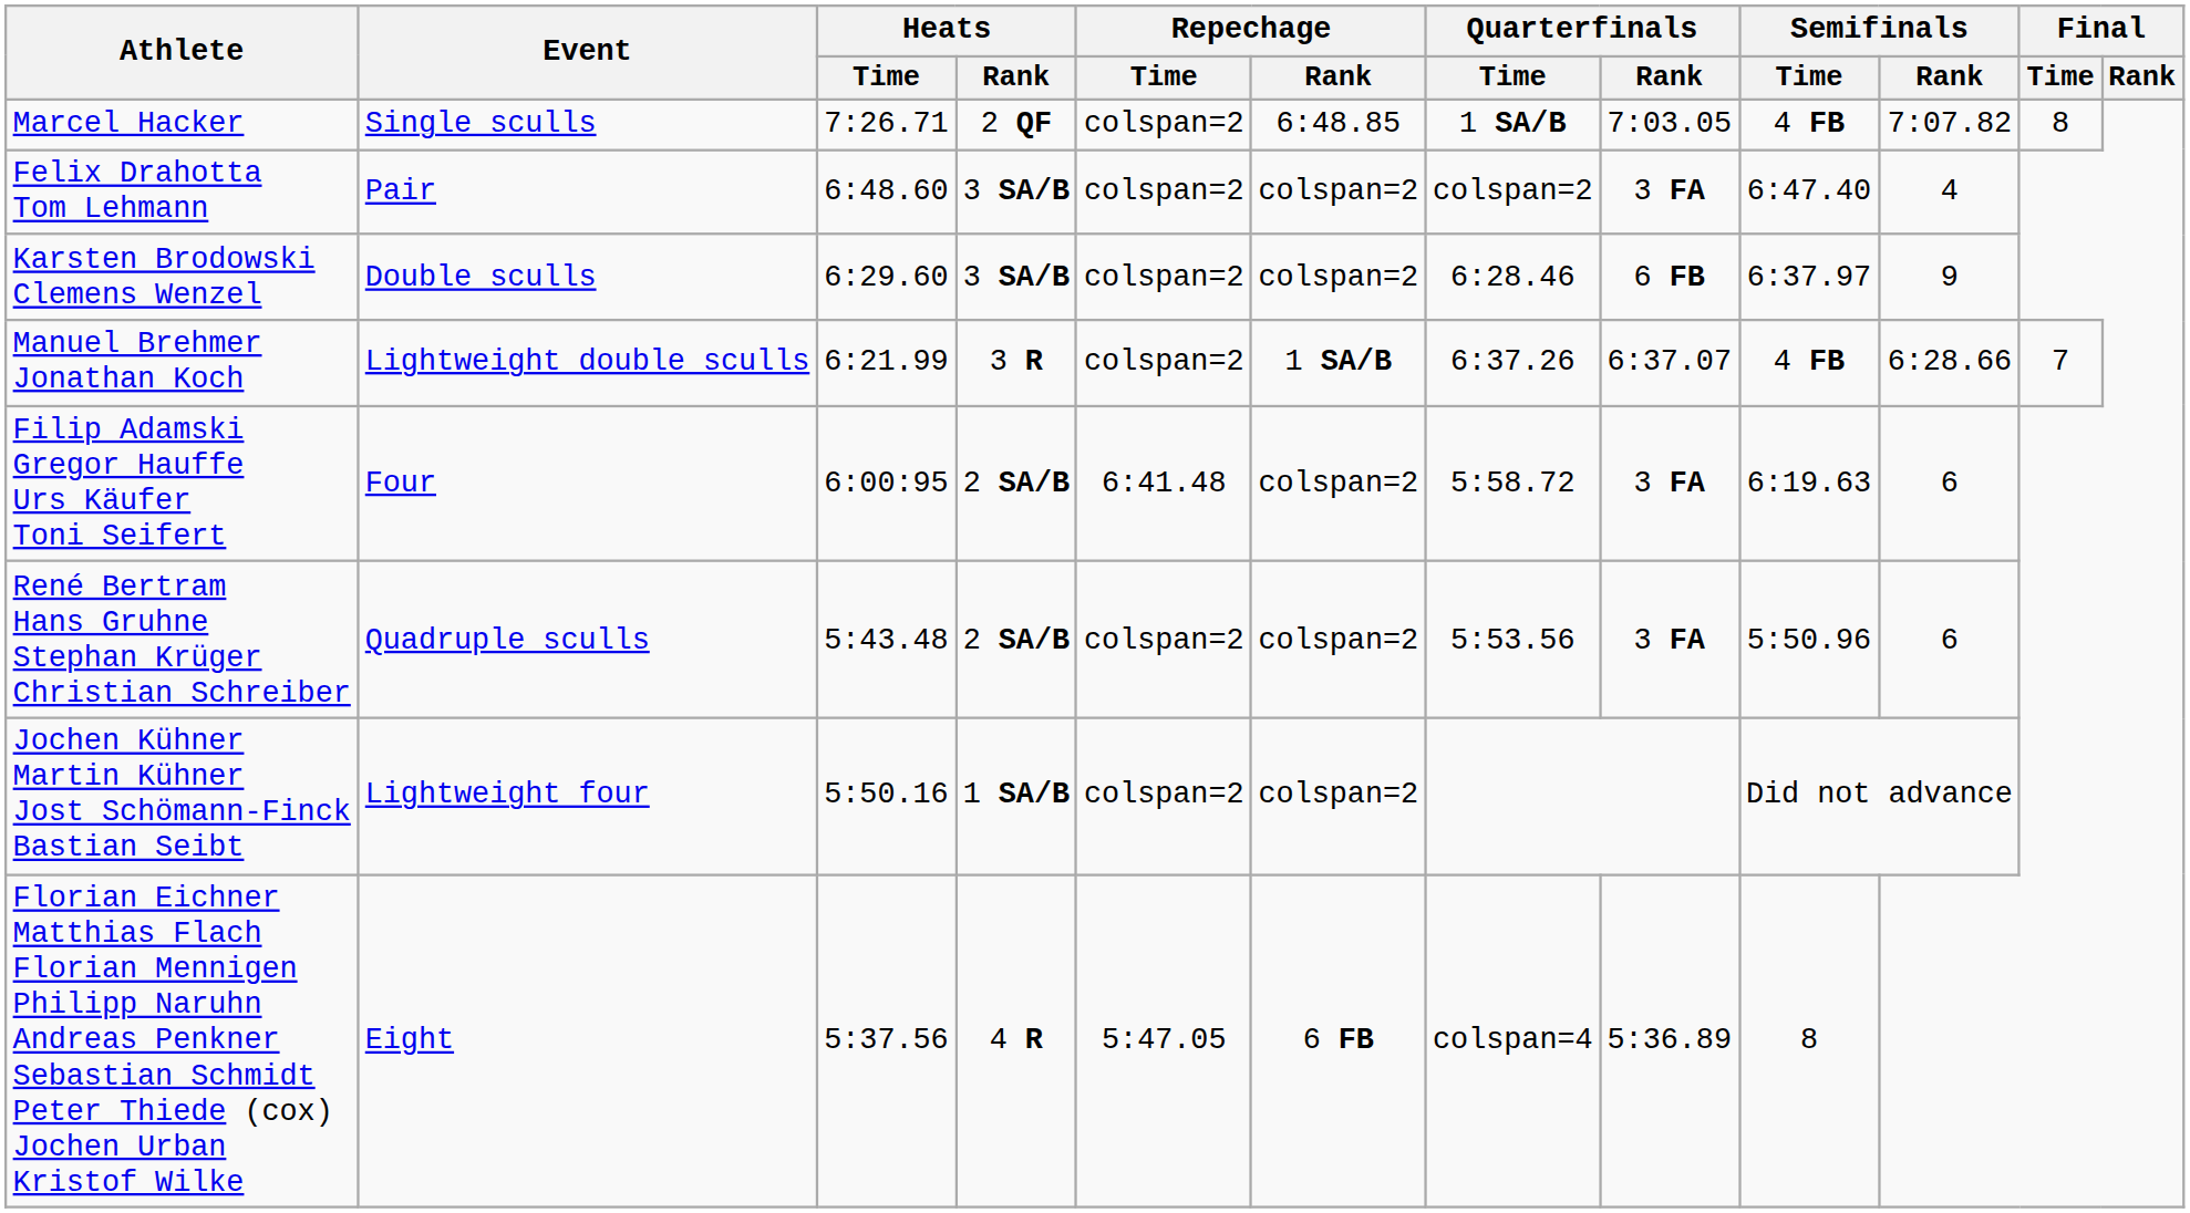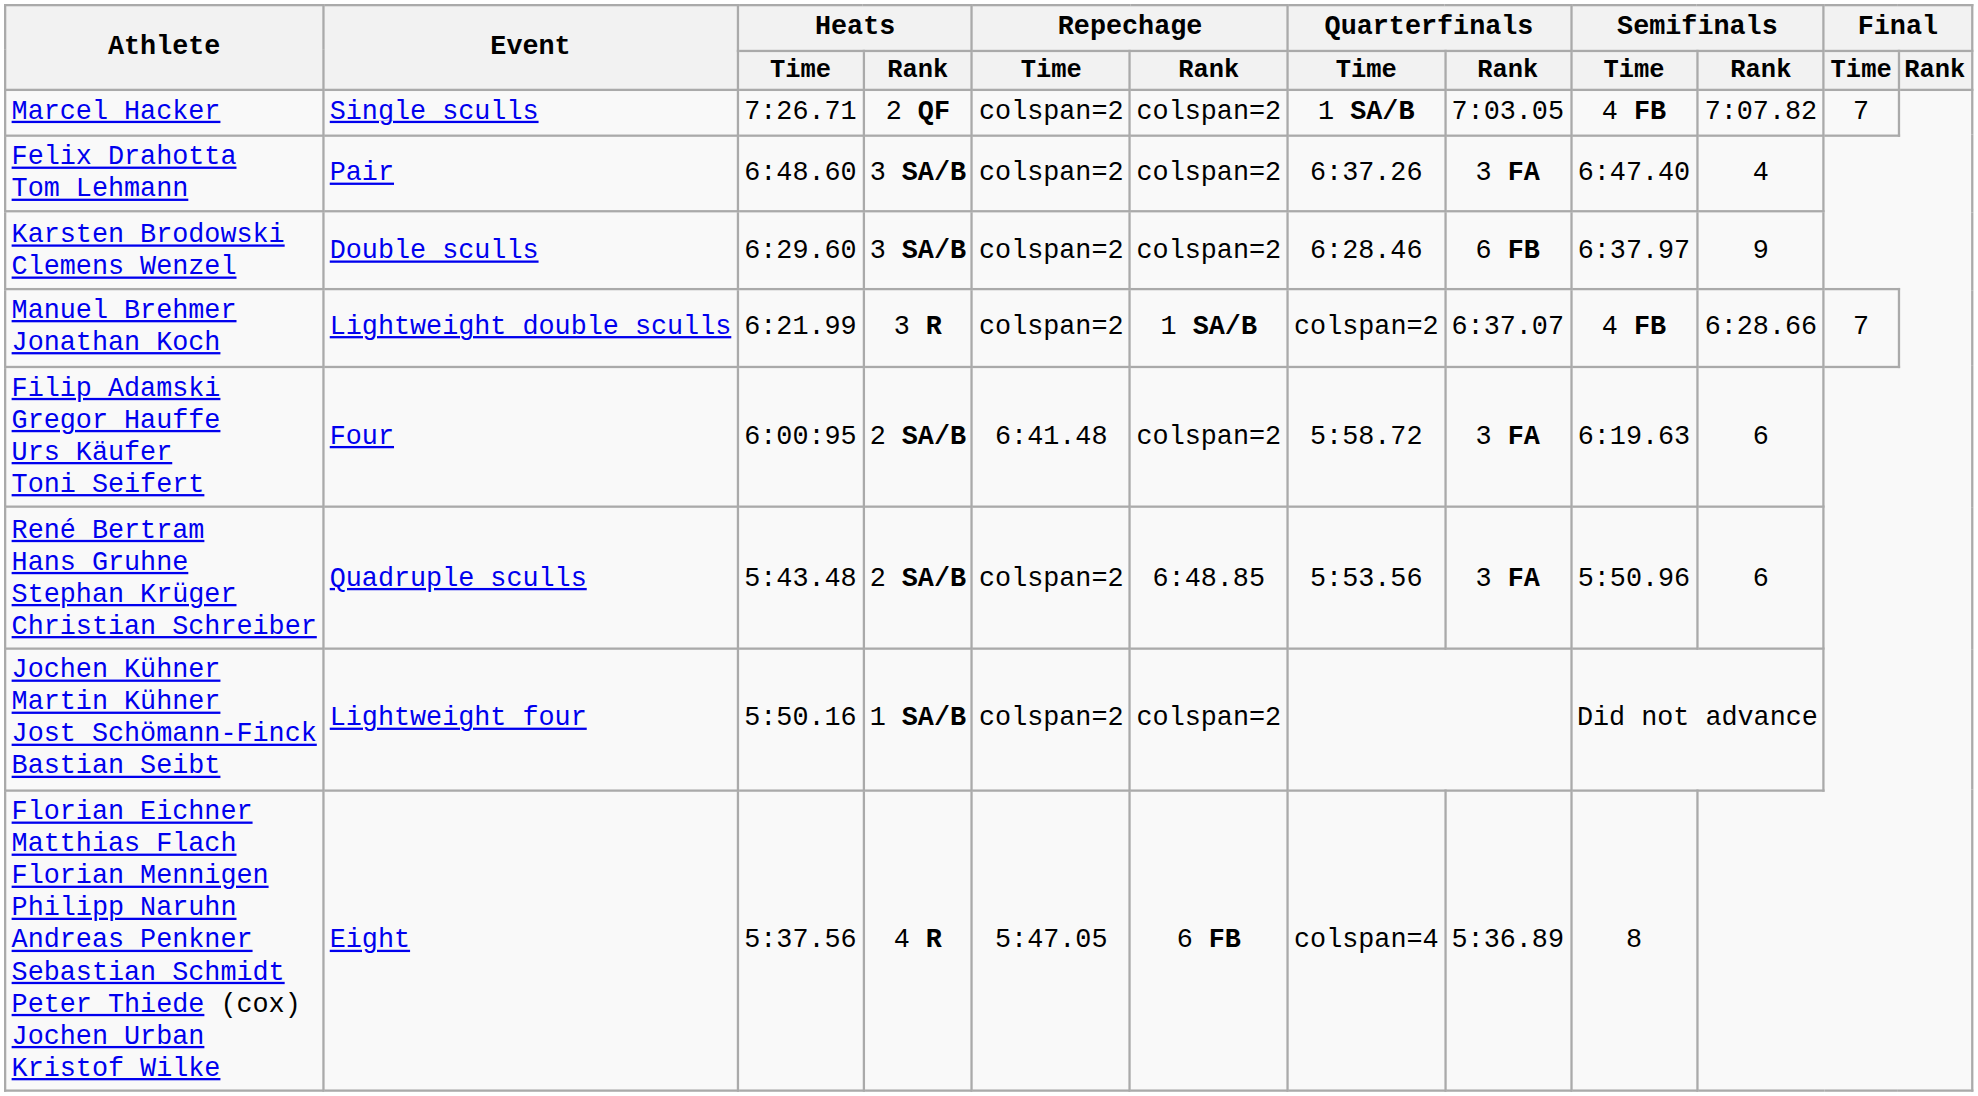 <table class="wikitable" style="font-size:90%">
 <tr>
 <th rowspan="2">Athlete</th>
 <th rowspan="2">Event</th>
 <th colspan="2">Heats</th>
 <th colspan="2">Repechage</th>
 <th colspan="2">Quarterfinals</th>
 <th colspan="2">Semifinals</th>
 <th colspan="2">Final</th>
 </tr>
 <tr style="font-size:95%">
 <th>Time</th>
 <th>Rank</th>
 <th>Time</th>
 <th>Rank</th>
 <th>Time</th>
 <th>Rank</th>
 <th>Time</th>
 <th>Rank</th>
 <th>Time</th>
 <th>Rank</th>
 </tr>
 <tr align=center>
 <td align=left><a href='#'>Marcel Hacker</a></td>
 <td align=left><a href='#'>Single sculls</a></td>
 <td>7:26.71</td>
 <td>2 <strong>QF</strong></td>
 <td>colspan=2 </td>
-<td>6:48.85</td>
+<td>colspan=2 </td>
 <td>1 <strong>SA/B</strong></td>
 <td>7:03.05</td>
 <td>4 <strong>FB</strong></td>
 <td>7:07.82</td>
-<td>8</td>
+<td>7</td>
 </tr>
 <tr align=center>
 <td align=left><a href='#'>Felix Drahotta</a><br><a href='#'>Tom Lehmann</a></td>
 <td align=left><a href='#'>Pair</a></td>
 <td>6:48.60</td>
 <td>3 <strong>SA/B</strong></td>
 <td>colspan=2 </td>
 <td>colspan=2 </td>
-<td>colspan=2 </td>
+<td>6:37.26</td>
 <td>3 <strong>FA</strong></td>
 <td>6:47.40</td>
 <td>4</td>
 </tr>
 <tr align=center>
 <td align=left><a href='#'>Karsten Brodowski</a><br><a href='#'>Clemens Wenzel</a></td>
 <td align=left><a href='#'>Double sculls</a></td>
 <td>6:29.60</td>
 <td>3 <strong>SA/B</strong></td>
 <td>colspan=2 </td>
 <td>colspan=2 </td>
 <td>6:28.46</td>
 <td>6 <strong>FB</strong></td>
 <td>6:37.97</td>
 <td>9</td>
 </tr>
 <tr align=center>
 <td align=left><a href='#'>Manuel Brehmer</a><br><a href='#'>Jonathan Koch</a></td>
 <td align=left><a href='#'>Lightweight double sculls</a></td>
 <td>6:21.99</td>
 <td>3 <strong>R</strong></td>
 <td>colspan=2 </td>
 <td>1 <strong>SA/B</strong></td>
-<td>6:37.26</td>
+<td>colspan=2 </td>
 <td>6:37.07</td>
 <td>4 <strong>FB</strong></td>
 <td>6:28.66</td>
 <td>7</td>
 </tr>
 <tr align=center>
 <td align=left><a href='#'>Filip Adamski</a><br><a href='#'>Gregor Hauffe</a><br><a href='#'>Urs Käufer</a><br><a href='#'>Toni Seifert</a></td>
 <td align=left><a href='#'>Four</a></td>
 <td>6:00:95</td>
 <td>2 <strong>SA/B</strong></td>
 <td>6:41.48</td>
 <td>colspan=2 </td>
 <td>5:58.72</td>
 <td>3 <strong>FA</strong></td>
 <td>6:19.63</td>
 <td>6</td>
 </tr>
 <tr align=center>
 <td align=left><a href='#'>René Bertram</a><br><a href='#'>Hans Gruhne</a><br><a href='#'>Stephan Krüger</a><br><a href='#'>Christian Schreiber</a></td>
 <td align=left><a href='#'>Quadruple sculls</a></td>
 <td>5:43.48</td>
 <td>2 <strong>SA/B</strong></td>
 <td>colspan=2 </td>
-<td>colspan=2 </td>
+<td>6:48.85</td>
 <td>5:53.56</td>
 <td>3 <strong>FA</strong></td>
 <td>5:50.96</td>
 <td>6</td>
 </tr>
 <tr align=center>
 <td align=left><a href='#'>Jochen Kühner</a><br><a href='#'>Martin Kühner</a><br><a href='#'>Jost Schömann-Finck</a><br><a href='#'>Bastian Seibt</a></td>
 <td align=left><a href='#'>Lightweight four</a></td>
 <td>5:50.16</td>
 <td>1 <strong>SA/B</strong></td>
 <td>colspan=2 </td>
 <td>colspan=2 </td>
 <td colspan=2></td>
 <td colspan=2>Did not advance</td>
 </tr>
 <tr align=center>
 <td align=left><a href='#'>Florian Eichner</a><br><a href='#'>Matthias Flach</a><br><a href='#'>Florian Mennigen</a><br><a href='#'>Philipp Naruhn</a><br><a href='#'>Andreas Penkner</a><br><a href='#'>Sebastian Schmidt</a><br><a href='#'>Peter Thiede</a> (cox)<br><a href='#'>Jochen Urban</a><br><a href='#'>Kristof Wilke</a></td>
 <td align=left><a href='#'>Eight</a></td>
 <td>5:37.56</td>
 <td>4 <strong>R</strong></td>
 <td>5:47.05</td>
 <td>6 <strong>FB</strong></td>
 <td>colspan=4 </td>
 <td>5:36.89</td>
 <td>8</td>
 </tr>
 </table>
